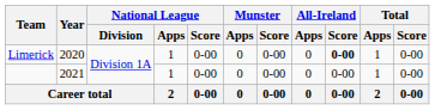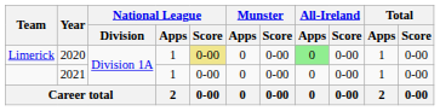 <table class="wikitable" style="text-align:center">
 <tr>
 <th rowspan="2">Team</th>
 <th rowspan="2">Year</th>
 <th colspan="3"><a href='#'>National League</a></th>
 <th colspan="2"><a href='#'>Munster</a></th>
 <th colspan="2"><a href='#'>All-Ireland</a></th>
 <th colspan="2">Total</th>
 </tr>
 <tr>
 <th>Division</th>
 <th>Apps</th>
 <th>Score</th>
 <th>Apps</th>
 <th>Score</th>
 <th>Apps</th>
 <th>Score</th>
 <th>Apps</th>
 <th>Score</th>
 </tr>
 <tr>
 <td rowspan="1"><a href='#'>Limerick</a></td>
 <td>2020</td>
 <td rowspan="2"><a href='#'>Division 1A</a></td>
 <td>1</td>
-<td>0-00</td>
+<td style="background: khaki;">0-00</td>
 <td>0</td>
 <td>0-00</td>
-<td>0</td>
-<td><strong>0-00</strong></td>
+<td style="background: lightgreen;">0</td>
+<td>0-00</td>
 <td>1</td>
 <td>0-00</td>
 </tr>
 <tr>
 <td></td>
 <td>2021</td>
 <td>1</td>
 <td>0-00</td>
 <td>0</td>
 <td>0-00</td>
 <td>0</td>
 <td>0-00</td>
 <td>1</td>
 <td>0-00</td>
 </tr>
 <tr>
 <th colspan="3">Career total</th>
 <th>2</th>
 <th>0-00</th>
 <th>0</th>
 <th>0-00</th>
 <th>0</th>
 <th>0-00</th>
 <th>2</th>
 <th>0-00</th>
 </tr>
 </table>
